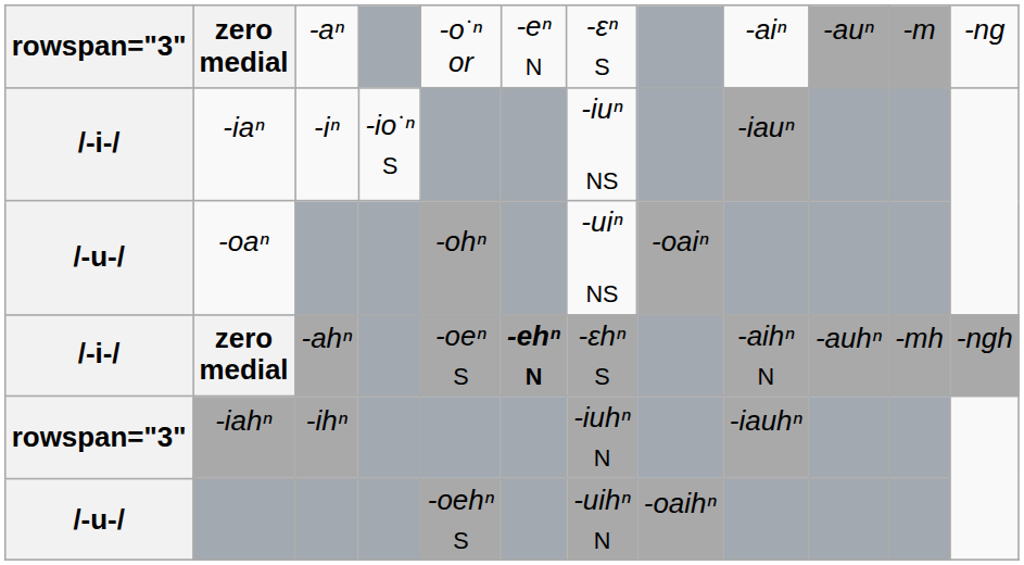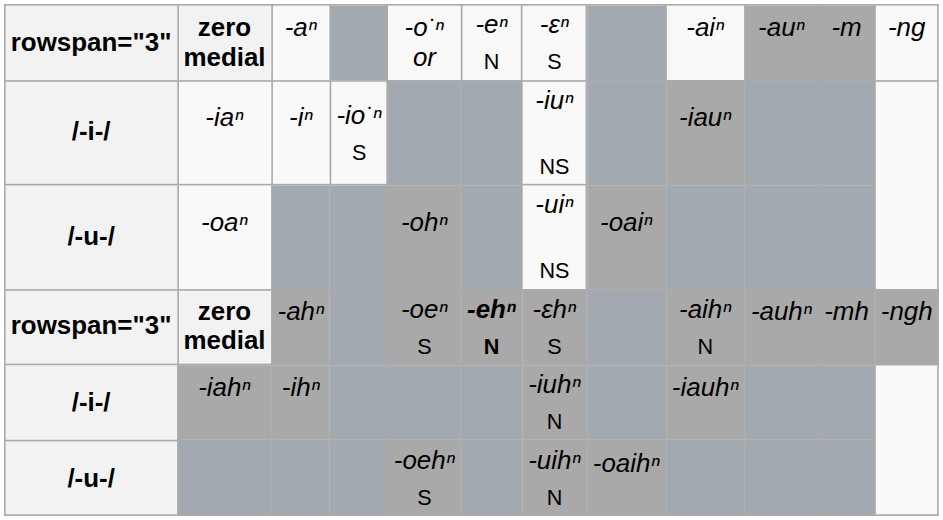 <table class="wikitable" style="text-align:center;">
 <tr>
 <th>rowspan="3" </th>
 <th>zero<br>medial</th>
 <td><em>-aⁿ</em><br><br></td>
 <td style="background-color:#A2A9B1;"></td>
 <td><em>-o͘ ⁿ</em><br> <em>or</em> <br></td>
 <td><em>-eⁿ</em><br><sub>N</sub><br></td>
 <td><em>-ɛⁿ</em><br><sub>S</sub><br></td>
 <td style="background-color:#A2A9B1;"></td>
 <td><em>-aiⁿ</em><br><br></td>
 <td style="background-color:DarkGray;"><em>-auⁿ</em><br><br></td>
 <td style="background-color:DarkGray;"><em>-m</em><br><br></td>
 <td><em>-ng</em><br><br></td>
 </tr>
 <tr>
 <th>/-i-/</th>
 <td><em>-iaⁿ</em><br><br></td>
 <td><em>-iⁿ</em><br><br></td>
 <td><em>-io͘ ⁿ</em><br><sub>S</sub><br></td>
 <td style="background-color:#A2A9B1;"></td>
 <td style="background-color:#A2A9B1;"></td>
 <td><em>-iuⁿ</em><br><br><sub>N</sub><sub>S</sub></td>
 <td style="background-color:#A2A9B1;"></td>
 <td style="background-color:DarkGray;"><em>-iauⁿ</em><br><br></td>
 <td style="background-color:#A2A9B1;"></td>
 <td style="background-color:#A2A9B1;"></td>
 </tr>
 <tr>
 <th>/-u-/</th>
 <td><em>-oaⁿ</em><br><br></td>
 <td style="background-color:#A2A9B1;"></td>
 <td style="background-color:#A2A9B1;"></td>
 <td style="background-color:DarkGray;"><em>-ohⁿ</em><br><br></td>
 <td style="background-color:#A2A9B1;"></td>
 <td><em>-uiⁿ</em><br><br><sub>N</sub><sub>S</sub></td>
 <td style="background-color:DarkGray;"><em>-oaiⁿ</em><br><br></td>
 <td style="background-color:#A2A9B1;"></td>
 <td style="background-color:#A2A9B1;"></td>
 <td style="background-color:#A2A9B1;"></td>
 </tr>
 <tr>
-<th>/-i-/</th>
+<th>rowspan="3" </th>
 <th>zero<br>medial</th>
 <td style="background-color:DarkGray;"><em>-ahⁿ</em><br><br></td>
 <td style="background-color:#A2A9B1;"></td>
 <td style="background-color:DarkGray;"><em>-oeⁿ</em><br><sub>S</sub><br></td>
 <td style="background-color:DarkGray;"><strong><em>-ehⁿ</em><br><sub>N</sub><br></strong></td>
 <td style="background-color:DarkGray;"><em>-ɛhⁿ</em><br><sub>S</sub><br></td>
 <td style="background-color:#A2A9B1;"></td>
 <td style="background-color:DarkGray;"><em>-aihⁿ</em><br><sub>N</sub><br></td>
 <td style="background-color:DarkGray;"><em>-auhⁿ</em><br><br></td>
 <td style="background-color:DarkGray;"><em>-mh</em><br><br></td>
 <td style="background-color:DarkGray;"><em>-ngh</em><br><br></td>
 </tr>
 <tr>
-<th>rowspan="3" </th>
+<th>/-i-/</th>
 <td style="background-color:DarkGray;"><em>-iahⁿ</em><br><br></td>
 <td style="background-color:DarkGray;"><em>-ihⁿ</em><br><br></td>
 <td style="background-color:#A2A9B1;"></td>
 <td style="background-color:#A2A9B1;"></td>
 <td style="background-color:#A2A9B1;"></td>
 <td style="background-color:DarkGray;"><em>-iuhⁿ</em><br><sub>N</sub><br></td>
 <td style="background-color:#A2A9B1;"></td>
 <td style="background-color:DarkGray;"><em>-iauhⁿ</em><br><br></td>
 <td style="background-color:#A2A9B1;"></td>
 <td style="background-color:#A2A9B1;"></td>
 </tr>
 <tr>
 <th>/-u-/</th>
 <td style="background-color:#A2A9B1;"></td>
 <td style="background-color:#A2A9B1;"></td>
 <td style="background-color:#A2A9B1;"></td>
 <td style="background-color:DarkGray;"><em>-oehⁿ</em><br><sub>S</sub><br></td>
 <td style="background-color:#A2A9B1;"></td>
 <td style="background-color:DarkGray;"><em>-uihⁿ</em><br><sub>N</sub><br></td>
 <td style="background-color:DarkGray;"><em>-oaihⁿ</em><br><br></td>
 <td style="background-color:#A2A9B1;"></td>
 <td style="background-color:#A2A9B1;"></td>
 <td style="background-color:#A2A9B1;"></td>
 </tr>
 </table>
